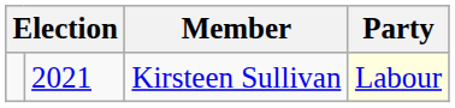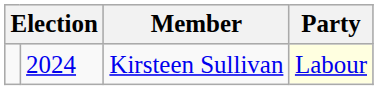 <table class="wikitable">
 <tr>
 <th colspan="2">Election</th>
 <th>Member</th>
 <th>Party</th>
 </tr>
 <tr>
 <td style="color:inherit;background-color: "></td>
-<td><a href='#'>2021</a></td>
+<td><a href='#'>2024</a></td>
 <td><a href='#'>Kirsteen Sullivan</a></td>
 <td style="background: lightyellow;"><a href='#'>Labour</a></td>
 </tr>
 </table>
